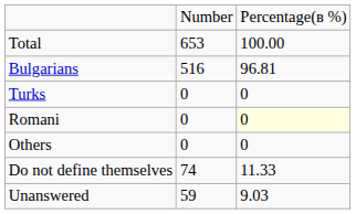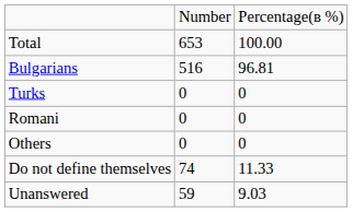 <table class="wikitable">
 <tr>
 <td></td>
 <td>Number</td>
 <td>Percentage(в %)</td>
 </tr>
 <tr>
 <td>Total</td>
 <td>653</td>
 <td>100.00</td>
 </tr>
 <tr>
 <td><a href='#'>Bulgarians</a></td>
 <td>516</td>
 <td>96.81</td>
 </tr>
 <tr>
 <td><a href='#'>Turks</a></td>
 <td>0</td>
 <td>0</td>
 </tr>
 <tr>
 <td>Romani</td>
 <td>0</td>
-<td style="background: lightyellow;">0</td>
+<td>0</td>
 </tr>
 <tr>
 <td>Others</td>
 <td>0</td>
 <td>0</td>
 </tr>
 <tr>
 <td>Do not define themselves</td>
 <td>74</td>
 <td>11.33</td>
 </tr>
 <tr>
 <td>Unanswered</td>
 <td>59</td>
 <td>9.03</td>
 </tr>
 </table>
